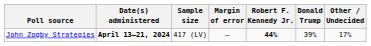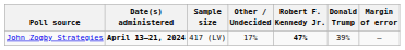 <table class="wikitable sortable mw-datatable" style="font-size:90%;text-align:center;line-height:17px">
 <tr valign=bottom>
 <th>Poll source</th>
 <th>Date(s)<br>administered</th>
 <th>Sample<br>size</th>
-<th>Margin<br>of error</th>
+<th class="unsortable">Other /<br>Undecided</th>
 <th class="unsortable">Robert F.<br>Kennedy Jr.<br></th>
 <th class="unsortable">Donald<br>Trump<br></th>
-<th class="unsortable">Other /<br>Undecided</th>
+<th>Margin<br>of error</th>
 </tr>
 <tr>
 <td style="text-align:left;"><a href='#'>John Zogby Strategies</a></td>
 <td data-sort-value="2024-05-01"><strong>April 13–21, 2024</strong></td>
 <td>417 (LV)</td>
+<td>17%</td>
+<td style="background-color:"><strong>47%</strong></td>
+<td>39%</td>
 <td>–</td>
-<td style="background-color:"><strong>44%</strong></td>
-<td>39%</td>
-<td>17%</td>
 </tr>
 </table>
